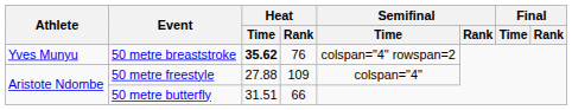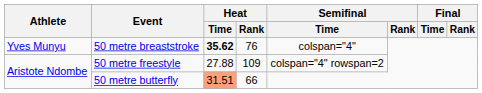 <table class="wikitable" style="text-align:center; font-size:90%; width:50%;">
 <tr>
 <th rowspan="2">Athlete</th>
 <th rowspan="2">Event</th>
 <th colspan="2">Heat</th>
 <th colspan="2">Semifinal</th>
 <th colspan="2">Final</th>
 </tr>
 <tr style="font-size:95%">
 <th>Time</th>
 <th>Rank</th>
 <th>Time</th>
 <th>Rank</th>
 <th>Time</th>
 <th>Rank</th>
 </tr>
 <tr align=center>
 <td align=left><a href='#'>Yves Munyu</a></td>
 <td align=left><a href='#'>50 metre breaststroke</a></td>
 <td><strong>35.62</strong></td>
 <td>76</td>
-<td>colspan="4" rowspan=2 </td>
+<td>colspan="4" </td>
 </tr>
 <tr align=center>
 <td align=left rowspan=2><a href='#'>Aristote Ndombe</a></td>
 <td align=left><a href='#'>50 metre freestyle</a></td>
 <td>27.88</td>
 <td>109</td>
-<td>colspan="4" </td>
+<td>colspan="4" rowspan=2 </td>
 </tr>
 <tr align=center>
 <td align=left><a href='#'>50 metre butterfly</a></td>
-<td>31.51</td>
+<td style="background: lightsalmon;">31.51</td>
 <td>66</td>
 </tr>
 </table>
